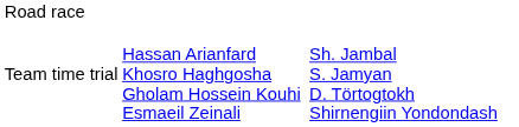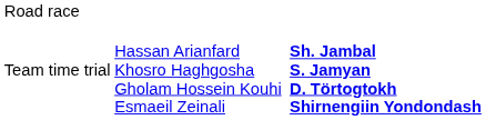 <table>
 <tr>
 <td>Road race</td>
 <td></td>
 <td></td>
 <td></td>
 </tr>
 <tr>
 <td>Team time trial</td>
 <td><br><a href='#'>Hassan Arianfard</a><br><a href='#'>Khosro Haghgosha</a><br><a href='#'>Gholam Hossein Kouhi</a><br><a href='#'>Esmaeil Zeinali</a></td>
 <td valign=top></td>
-<td><br><a href='#'>Sh. Jambal</a><br><a href='#'>S. Jamyan</a><br><a href='#'>D. Törtogtokh</a><br><a href='#'>Shirnengiin Yondondash</a></td>
+<td><strong><br><a href='#'>Sh. Jambal</a><br><a href='#'>S. Jamyan</a><br><a href='#'>D. Törtogtokh</a><br><a href='#'>Shirnengiin Yondondash</a></strong></td>
 </tr>
 </table>
